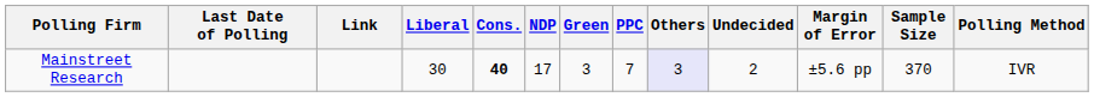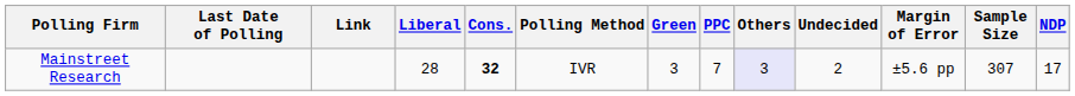 <table class="wikitable sortable" style="text-align:center;font-size:90%;line-height:14px;">
 <tr style="background:#e9e9e9;">
 <th style="width:120px">Polling Firm</th>
 <th style="width:110px">Last Date<br>of Polling</th>
 <th style="width:60px" class="unsortable">Link</th>
 <th style="background-color:"><a href='#'>Liberal</a></th>
 <th style="background-color:"><a href='#'>Cons.</a></th>
-<th style="background-color:"><a href='#'>NDP</a></th>
+<th class=unsortable>Polling Method</th>
 <th style="background-color:"><a href='#'>Green</a></th>
 <th style="background-color:"><a href='#'><span>PPC</span></a></th>
 <th style="background-color:">Others</th>
 <th style="background-color:">Undecided</th>
 <th style="width:60px;" class=unsortable>Margin<br>of Error</th>
 <th style="width:50px;" class=unsortable>Sample<br>Size</th>
-<th class=unsortable>Polling Method</th>
+<th style="background-color:"><a href='#'>NDP</a></th>
 </tr>
 <tr>
 <td><a href='#'>Mainstreet Research</a></td>
 <td></td>
 <td></td>
-<td>30</td>
-<td><strong>40</strong></td>
-<td>17</td>
+<td>28</td>
+<td><strong>32</strong></td>
+<td>IVR</td>
 <td>3</td>
 <td>7</td>
 <td style="background: lavender;">3</td>
 <td>2</td>
 <td>±5.6 pp</td>
-<td>370</td>
-<td>IVR</td>
+<td>307</td>
+<td>17</td>
 </tr>
 </table>
